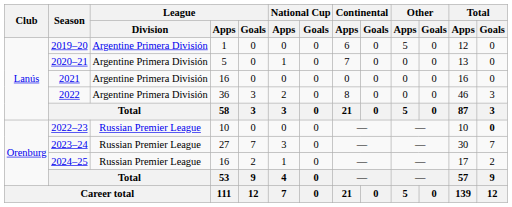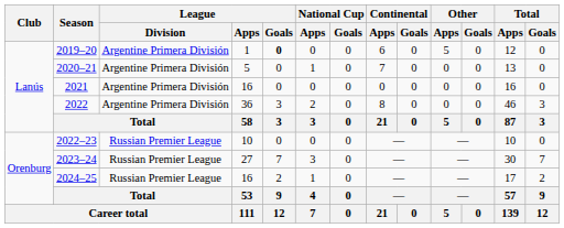 <table class="wikitable" style="text-align: center;">
 <tr>
 <th rowspan="2">Club</th>
 <th rowspan="2">Season</th>
 <th colspan="3">League</th>
 <th colspan="2">National Cup</th>
 <th colspan="2">Continental</th>
 <th colspan="2">Other</th>
 <th colspan="2">Total</th>
 </tr>
 <tr>
 <th>Division</th>
 <th>Apps</th>
 <th>Goals</th>
 <th>Apps</th>
 <th>Goals</th>
 <th>Apps</th>
 <th>Goals</th>
 <th>Apps</th>
 <th>Goals</th>
 <th>Apps</th>
 <th>Goals</th>
 </tr>
 <tr>
 <td rowspan="5"><a href='#'>Lanús</a></td>
 <td><a href='#'>2019–20</a></td>
 <td><a href='#'>Argentine Primera División</a></td>
 <td>1</td>
-<td>0</td>
+<td><strong>0</strong></td>
 <td>0</td>
 <td>0</td>
 <td>6</td>
 <td>0</td>
 <td>5</td>
 <td>0</td>
 <td>12</td>
 <td>0</td>
 </tr>
 <tr>
 <td><a href='#'>2020–21</a></td>
 <td>Argentine Primera División</td>
 <td>5</td>
 <td>0</td>
 <td>1</td>
 <td>0</td>
 <td>7</td>
 <td>0</td>
 <td>0</td>
 <td>0</td>
 <td>13</td>
 <td>0</td>
 </tr>
 <tr>
 <td><a href='#'>2021</a></td>
 <td>Argentine Primera División</td>
 <td>16</td>
 <td>0</td>
 <td>0</td>
 <td>0</td>
 <td>0</td>
 <td>0</td>
 <td>0</td>
 <td>0</td>
 <td>16</td>
 <td>0</td>
 </tr>
 <tr>
 <td><a href='#'>2022</a></td>
 <td>Argentine Primera División</td>
 <td>36</td>
 <td>3</td>
 <td>2</td>
 <td>0</td>
 <td>8</td>
 <td>0</td>
 <td>0</td>
 <td>0</td>
 <td>46</td>
 <td>3</td>
 </tr>
 <tr>
 <th colspan="2">Total</th>
 <th>58</th>
 <th>3</th>
 <th>3</th>
 <th>0</th>
 <th>21</th>
 <th>0</th>
 <th>5</th>
 <th>0</th>
 <th>87</th>
 <th>3</th>
 </tr>
 <tr>
 <td rowspan="4"><a href='#'>Orenburg</a></td>
 <td><a href='#'>2022–23</a></td>
 <td><a href='#'>Russian Premier League</a></td>
 <td>10</td>
 <td>0</td>
 <td>0</td>
 <td>0</td>
 <td colspan="2">—</td>
 <td colspan="2">—</td>
 <td>10</td>
-<td><strong>0</strong></td>
+<td>0</td>
 </tr>
 <tr>
 <td><a href='#'>2023–24</a></td>
 <td>Russian Premier League</td>
 <td>27</td>
 <td>7</td>
 <td>3</td>
 <td>0</td>
 <td colspan="2">—</td>
 <td colspan="2">—</td>
 <td>30</td>
 <td>7</td>
 </tr>
 <tr>
 <td><a href='#'>2024–25</a></td>
 <td>Russian Premier League</td>
 <td>16</td>
 <td>2</td>
 <td>1</td>
 <td>0</td>
 <td colspan="2">—</td>
 <td colspan="2">—</td>
 <td>17</td>
 <td>2</td>
 </tr>
 <tr>
 <th colspan="2">Total</th>
 <th>53</th>
 <th>9</th>
 <th>4</th>
 <th>0</th>
 <th colspan="2">—</th>
 <th colspan="2">—</th>
 <th>57</th>
 <th>9</th>
 </tr>
 <tr>
 <th colspan="3">Career total</th>
 <th>111</th>
 <th>12</th>
 <th>7</th>
 <th>0</th>
 <th>21</th>
 <th>0</th>
 <th>5</th>
 <th>0</th>
 <th>139</th>
 <th>12</th>
 </tr>
 </table>
